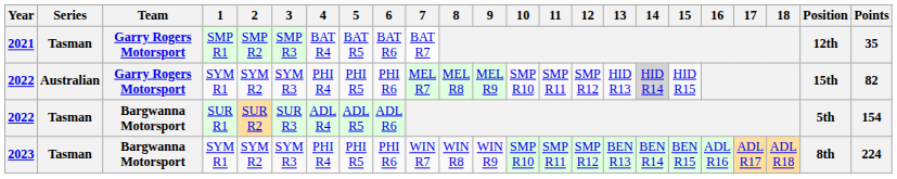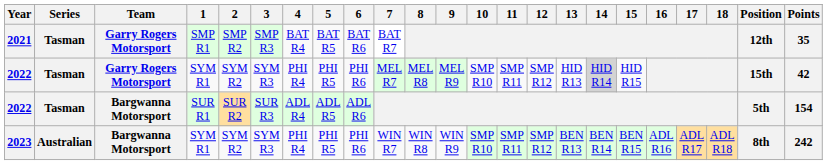 <table class="wikitable" style="text-align:center; font-size:80%">
 <tr>
 <th>Year</th>
 <th>Series</th>
 <th>Team</th>
 <th>1</th>
 <th>2</th>
 <th>3</th>
 <th>4</th>
 <th>5</th>
 <th>6</th>
 <th>7</th>
 <th>8</th>
 <th>9</th>
 <th>10</th>
 <th>11</th>
 <th>12</th>
 <th>13</th>
 <th>14</th>
 <th>15</th>
 <th>16</th>
 <th>17</th>
 <th>18</th>
 <th>Position</th>
 <th>Points</th>
 </tr>
 <tr>
 <th><a href='#'>2021</a></th>
 <th>Tasman</th>
 <th><a href='#'>Garry Rogers Motorsport</a></th>
 <td style="background:#dfffdf"><a href='#'>SMP<br>R1</a><br></td>
 <td style="background:#dfffdf"><a href='#'>SMP<br>R2</a><br></td>
 <td style="background:#dfffdf"><a href='#'>SMP<br>R3</a><br></td>
 <td><a href='#'>BAT<br>R4</a></td>
 <td><a href='#'>BAT<br>R5</a></td>
 <td><a href='#'>BAT<br>R6</a></td>
 <td style="background:#ffffff"><a href='#'>BAT<br>R7</a><br></td>
 <th colspan=11></th>
 <th>12th</th>
 <th>35</th>
 </tr>
 <tr>
 <th><a href='#'>2022</a></th>
-<th>Australian</th>
+<th>Tasman</th>
 <th><a href='#'>Garry Rogers Motorsport</a></th>
 <td><a href='#'>SYM<br>R1</a></td>
 <td><a href='#'>SYM<br>R2</a></td>
 <td><a href='#'>SYM<br>R3</a></td>
 <td><a href='#'>PHI<br>R4</a></td>
 <td><a href='#'>PHI<br>R5</a></td>
 <td><a href='#'>PHI<br>R6</a></td>
 <td style="background:#dfffdf"><a href='#'>MEL<br>R7</a><br></td>
 <td style="background:#dfffdf"><a href='#'>MEL<br>R8</a><br></td>
 <td style="background:#dfffdf"><a href='#'>MEL<br>R9</a><br></td>
 <td><a href='#'>SMP<br>R10</a></td>
 <td><a href='#'>SMP<br>R11</a></td>
 <td><a href='#'>SMP<br>R12</a></td>
 <td><a href='#'>HID<br>R13</a></td>
 <td style="background: lightgrey;"><a href='#'>HID<br>R14</a></td>
 <td><a href='#'>HID<br>R15</a></td>
 <th colspan=3></th>
 <th>15th</th>
-<th>82</th>
+<th>42</th>
 </tr>
 <tr>
 <th><a href='#'>2022</a></th>
 <th>Tasman</th>
 <th>Bargwanna Motorsport</th>
 <td style="background:#dfffdf"><a href='#'>SUR<br>R1</a><br></td>
 <td style="background:#ffdf9f"><a href='#'>SUR<br>R2</a><br></td>
 <td style="background:#dfffdf"><a href='#'>SUR<br>R3</a><br></td>
 <td style="background:#dfffdf"><a href='#'>ADL<br>R4</a><br></td>
 <td style="background:#dfffdf"><a href='#'>ADL<br>R5</a><br></td>
 <td style="background:#dfffdf"><a href='#'>ADL<br>R6</a><br></td>
 <th colspan=12></th>
 <th>5th</th>
 <th>154</th>
 </tr>
 <tr>
 <th><a href='#'>2023</a></th>
-<th>Tasman</th>
+<th>Australian</th>
 <th>Bargwanna Motorsport</th>
 <td><a href='#'>SYM<br>R1</a></td>
 <td><a href='#'>SYM<br>R2</a></td>
 <td><a href='#'>SYM<br>R3</a></td>
 <td><a href='#'>PHI<br>R4</a></td>
 <td><a href='#'>PHI<br>R5</a></td>
 <td><a href='#'>PHI<br>R6</a></td>
 <td><a href='#'>WIN<br>R7</a></td>
 <td><a href='#'>WIN<br>R8</a></td>
 <td><a href='#'>WIN<br>R9</a></td>
 <td style="background:#dfffdf"><a href='#'>SMP<br>R10</a><br></td>
 <td style="background:#dfffdf"><a href='#'>SMP<br>R11</a><br></td>
 <td style="background:#dfffdf"><a href='#'>SMP<br>R12</a><br></td>
 <td style="background:#dfffdf"><a href='#'>BEN<br>R13</a><br></td>
 <td style="background:#dfffdf"><a href='#'>BEN<br>R14</a><br></td>
 <td style="background:#dfffdf"><a href='#'>BEN<br>R15</a><br></td>
 <td style="background:#dfffdf"><a href='#'>ADL<br>R16</a><br></td>
 <td style="background:#ffdf9f"><a href='#'>ADL<br>R17</a><br></td>
 <td style="background:#ffdf9f"><a href='#'>ADL<br>R18</a><br></td>
 <th>8th</th>
-<th>224</th>
+<th>242</th>
 </tr>
 </table>
